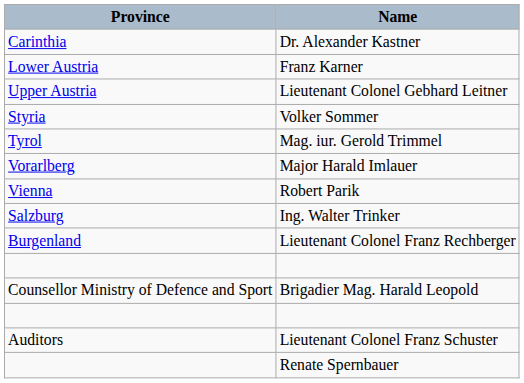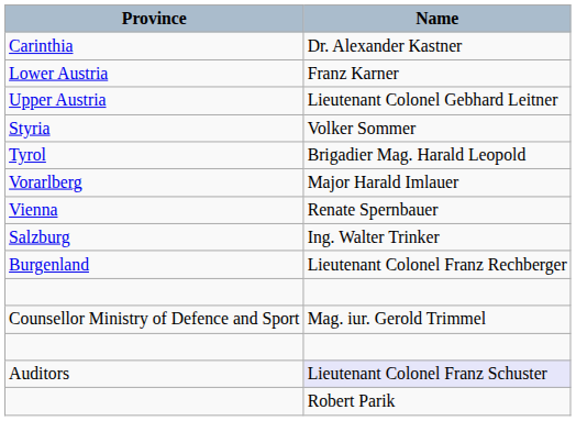 <table class="wikitable">
 <tr>
 <th style="background: #aabccc">Province</th>
 <th style="background: #aabccc">Name</th>
 </tr>
 <tr>
 <td><a href='#'>Carinthia</a></td>
 <td>Dr. Alexander Kastner</td>
 </tr>
 <tr>
 <td><a href='#'>Lower Austria</a></td>
 <td>Franz Karner</td>
 </tr>
 <tr>
 <td><a href='#'>Upper Austria</a></td>
 <td>Lieutenant Colonel Gebhard Leitner</td>
 </tr>
 <tr>
 <td><a href='#'>Styria</a></td>
 <td>Volker Sommer</td>
 </tr>
 <tr>
 <td><a href='#'>Tyrol</a></td>
-<td>Mag. iur. Gerold Trimmel</td>
+<td>Brigadier Mag. Harald Leopold</td>
 </tr>
 <tr>
 <td><a href='#'>Vorarlberg</a></td>
 <td>Major Harald Imlauer</td>
 </tr>
 <tr>
 <td><a href='#'>Vienna</a></td>
-<td>Robert Parik</td>
+<td>Renate Spernbauer</td>
 </tr>
 <tr>
 <td><a href='#'>Salzburg</a></td>
 <td>Ing. Walter Trinker</td>
 </tr>
 <tr>
 <td><a href='#'>Burgenland</a></td>
 <td>Lieutenant Colonel Franz Rechberger</td>
 </tr>
 <tr>
 <td> </td>
 <td> </td>
 </tr>
 <tr>
 <td>Counsellor Ministry of Defence and Sport</td>
-<td>Brigadier Mag. Harald Leopold</td>
+<td>Mag. iur. Gerold Trimmel</td>
 </tr>
 <tr>
 <td> </td>
 <td> </td>
 </tr>
 <tr>
 <td>Auditors</td>
-<td>Lieutenant Colonel Franz Schuster</td>
+<td style="background: lavender;">Lieutenant Colonel Franz Schuster</td>
 </tr>
 <tr>
 <td></td>
-<td>Renate Spernbauer</td>
+<td>Robert Parik</td>
 </tr>
 </table>
